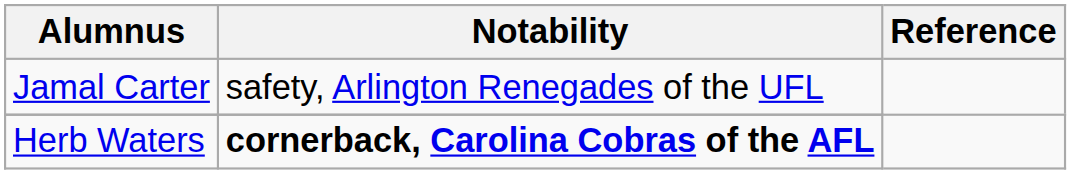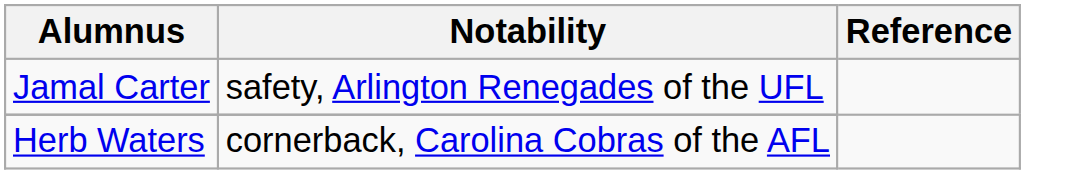 <table class="wikitable">
 <tr>
 <th>Alumnus</th>
 <th>Notability</th>
 <th>Reference</th>
 </tr>
 <tr>
 <td><a href='#'>Jamal Carter</a></td>
 <td>safety, <a href='#'>Arlington Renegades</a> of the <a href='#'>UFL</a></td>
 </tr>
 <tr>
 </tr>
 <tr>
 <td><a href='#'>Herb Waters</a></td>
-<td><strong>cornerback, <a href='#'>Carolina Cobras</a> of the <a href='#'>AFL</a></strong></td>
+<td>cornerback, <a href='#'>Carolina Cobras</a> of the <a href='#'>AFL</a></td>
 <td></td>
 </tr>
 </table>
